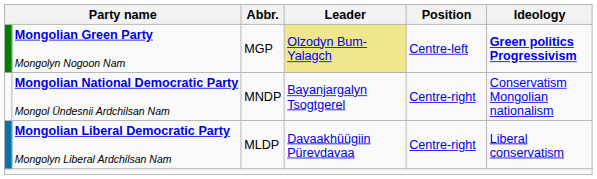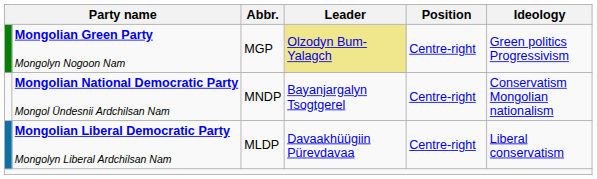 <table class="wikitable" style="font-size:95%;">
 <tr>
 <th colspan="2" style="width:200px"><strong>Party name</strong></th>
 <th>Abbr.</th>
 <th style="width:140px">Leader</th>
 <th style="width:90px">Position</th>
 <th style="width:120px">Ideology</th>
 </tr>
 <tr>
 <td style="width:2px;background:green;"></td>
 <td><strong><a href='#'>Mongolian Green Party</a></strong><br><br><em><small>Mongolyn Nogoon Nam</small></em></td>
 <td>MGP<br></td>
 <td style="background: khaki;"><a href='#'>Olzodyn Bum-Yalagch</a></td>
-<td><a href='#'>Centre-left</a></td>
-<td><strong><a href='#'>Green politics</a><br><a href='#'>Progressivism</a></strong></td>
+<td><a href='#'>Centre-right</a></td>
+<td><a href='#'>Green politics</a><br><a href='#'>Progressivism</a></td>
 </tr>
 <tr>
 <td style="width:2px;background:"></td>
 <td><a href='#'><strong>Mongolian National Democratic Party</strong></a><br><br><em><small>Mongol Ündesnii Ardchilsan Nam</small></em></td>
 <td>MNDP<br></td>
 <td><a href='#'>Bayanjargalyn Tsogtgerel</a></td>
 <td><a href='#'>Centre-right</a></td>
 <td><a href='#'>Conservatism</a><br><a href='#'>Mongolian nationalism</a></td>
 </tr>
 <tr>
 <td style="width:2px;background:#0a72a6;"></td>
 <td><strong><a href='#'>Mongolian Liberal Democratic Party</a></strong><br><br><em><small>Mongolyn Liberal Ardchilsan Nam</small></em></td>
 <td>MLDP<br></td>
 <td><a href='#'>Davaakhüügiin Pürevdavaa</a></td>
 <td><a href='#'>Centre-right</a></td>
 <td><a href='#'>Liberal conservatism</a></td>
 </tr>
 <tr>
 <td colspan="6"></td>
 </tr>
 </table>
